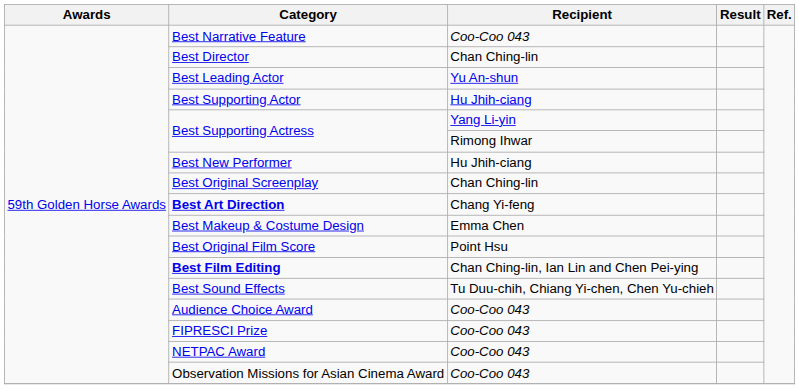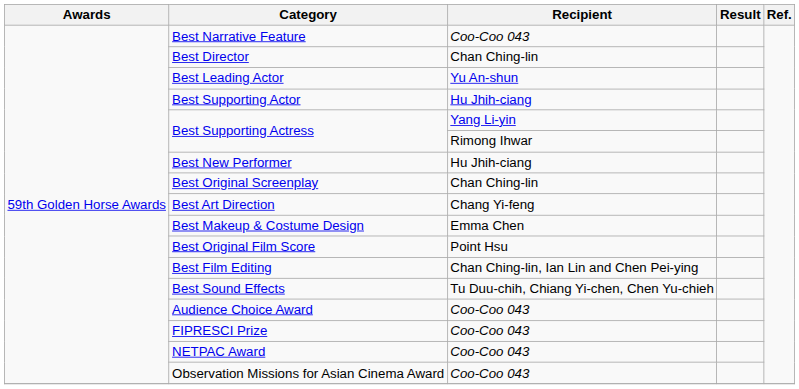 <table class="wikitable">
 <tr>
 <th>Awards</th>
 <th>Category</th>
 <th>Recipient</th>
 <th>Result</th>
 <th>Ref.</th>
 </tr>
 <tr>
 <td rowspan=17><a href='#'>59th Golden Horse Awards</a></td>
 <td><a href='#'>Best Narrative Feature</a></td>
 <td><em>Coo-Coo 043</em></td>
 <td></td>
 <td rowspan=17></td>
 </tr>
 <tr>
 <td><a href='#'>Best Director</a></td>
 <td>Chan Ching-lin</td>
 <td></td>
 </tr>
 <tr>
 <td><a href='#'>Best Leading Actor</a></td>
 <td><a href='#'>Yu An-shun</a></td>
 <td></td>
 </tr>
 <tr>
 <td><a href='#'>Best Supporting Actor</a></td>
 <td><a href='#'>Hu Jhih-ciang</a></td>
 <td></td>
 </tr>
 <tr>
 <td rowspan="2"><a href='#'>Best Supporting Actress</a></td>
 <td><a href='#'>Yang Li-yin</a></td>
 <td></td>
 </tr>
 <tr>
 <td>Rimong Ihwar</td>
 <td></td>
 </tr>
 <tr>
 <td><a href='#'>Best New Performer</a></td>
 <td>Hu Jhih-ciang</td>
 <td></td>
 </tr>
 <tr>
 <td><a href='#'>Best Original Screenplay</a></td>
 <td>Chan Ching-lin</td>
 <td></td>
 </tr>
 <tr>
-<td><strong><a href='#'>Best Art Direction</a></strong></td>
+<td><a href='#'>Best Art Direction</a></td>
 <td>Chang Yi-feng</td>
 <td></td>
 </tr>
 <tr>
 <td><a href='#'>Best Makeup & Costume Design</a></td>
 <td>Emma Chen</td>
 <td></td>
 </tr>
 <tr>
 <td><a href='#'>Best Original Film Score</a></td>
 <td>Point Hsu</td>
 <td></td>
 </tr>
 <tr>
-<td><strong><a href='#'>Best Film Editing</a></strong></td>
+<td><a href='#'>Best Film Editing</a></td>
 <td>Chan Ching-lin, Ian Lin and Chen Pei-ying</td>
 <td></td>
 </tr>
 <tr>
 <td><a href='#'>Best Sound Effects</a></td>
 <td>Tu Duu-chih, Chiang Yi-chen, Chen Yu-chieh</td>
 <td></td>
 </tr>
 <tr>
 <td><a href='#'>Audience Choice Award</a></td>
 <td><em>Coo-Coo 043</em></td>
 <td></td>
 </tr>
 <tr>
 <td><a href='#'>FIPRESCI Prize</a></td>
 <td><em>Coo-Coo 043</em></td>
 <td></td>
 </tr>
 <tr>
 <td><a href='#'>NETPAC Award</a></td>
 <td><em>Coo-Coo 043</em></td>
 <td></td>
 </tr>
 <tr>
 <td>Observation Missions for Asian Cinema Award</td>
 <td><em>Coo-Coo 043</em></td>
 <td></td>
 </tr>
 <tr>
 </tr>
 </table>
